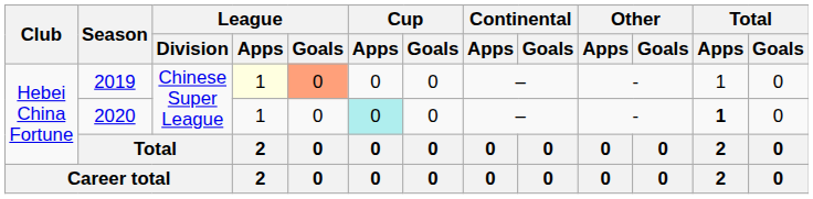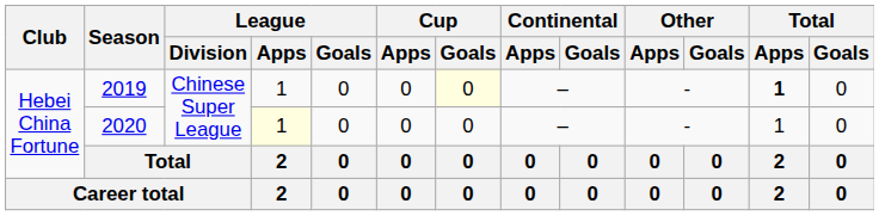 <table class="wikitable" style="text-align: center">
 <tr>
 <th rowspan="2">Club</th>
 <th rowspan="2">Season</th>
 <th colspan="3">League</th>
 <th colspan="2">Cup</th>
 <th colspan="2">Continental</th>
 <th colspan="2">Other</th>
 <th colspan="2">Total</th>
 </tr>
 <tr>
 <th>Division</th>
 <th>Apps</th>
 <th>Goals</th>
 <th>Apps</th>
 <th>Goals</th>
 <th>Apps</th>
 <th>Goals</th>
 <th>Apps</th>
 <th>Goals</th>
 <th>Apps</th>
 <th>Goals</th>
 </tr>
 <tr>
 <td rowspan=3><a href='#'>Hebei China Fortune</a></td>
 <td><a href='#'>2019</a></td>
 <td rowspan=2><a href='#'>Chinese Super League</a></td>
+<td>1</td>
+<td>0</td>
+<td>0</td>
+<td style="background: lightyellow;">0</td>
+<td colspan="2">–</td>
+<td colspan="2">-</td>
+<td><strong>1</strong></td>
+<td>0</td>
+</tr>
+<tr>
+<td><a href='#'>2020</a></td>
 <td style="background: lightyellow;">1</td>
-<td style="background: lightsalmon;">0</td>
+<td>0</td>
 <td>0</td>
 <td>0</td>
 <td colspan="2">–</td>
 <td colspan="2">-</td>
 <td>1</td>
-<td>0</td>
-</tr>
-<tr>
-<td><a href='#'>2020</a></td>
-<td>1</td>
-<td>0</td>
-<td style="background: paleturquoise;">0</td>
-<td>0</td>
-<td colspan="2">–</td>
-<td colspan="2">-</td>
-<td><strong>1</strong></td>
 <td>0</td>
 </tr>
 <tr>
 <th colspan=2>Total</th>
 <th>2</th>
 <th>0</th>
 <th>0</th>
 <th>0</th>
 <th>0</th>
 <th>0</th>
 <th>0</th>
 <th>0</th>
 <th>2</th>
 <th>0</th>
 </tr>
 <tr>
 <th colspan=3>Career total</th>
 <th>2</th>
 <th>0</th>
 <th>0</th>
 <th>0</th>
 <th>0</th>
 <th>0</th>
 <th>0</th>
 <th>0</th>
 <th>2</th>
 <th>0</th>
 </tr>
 </table>
